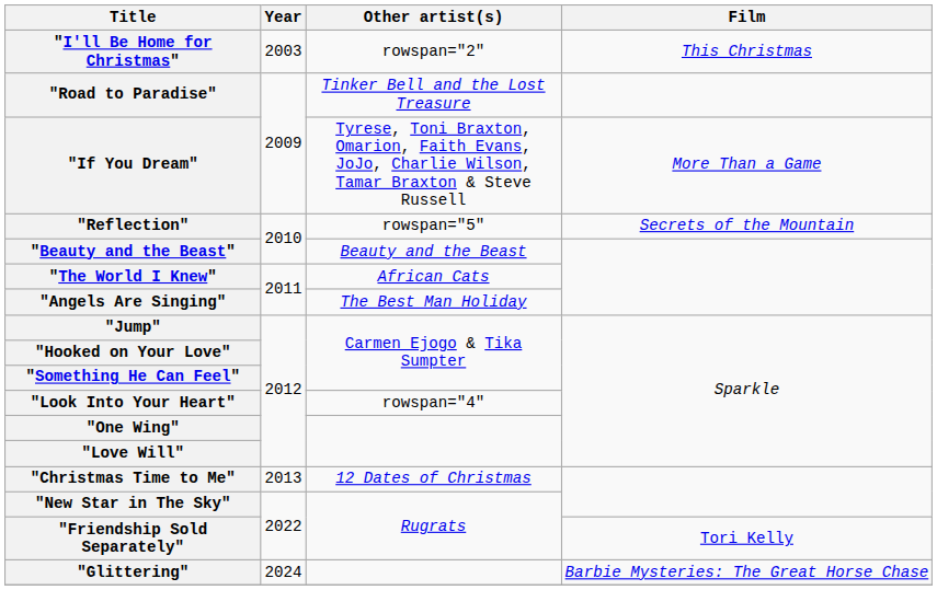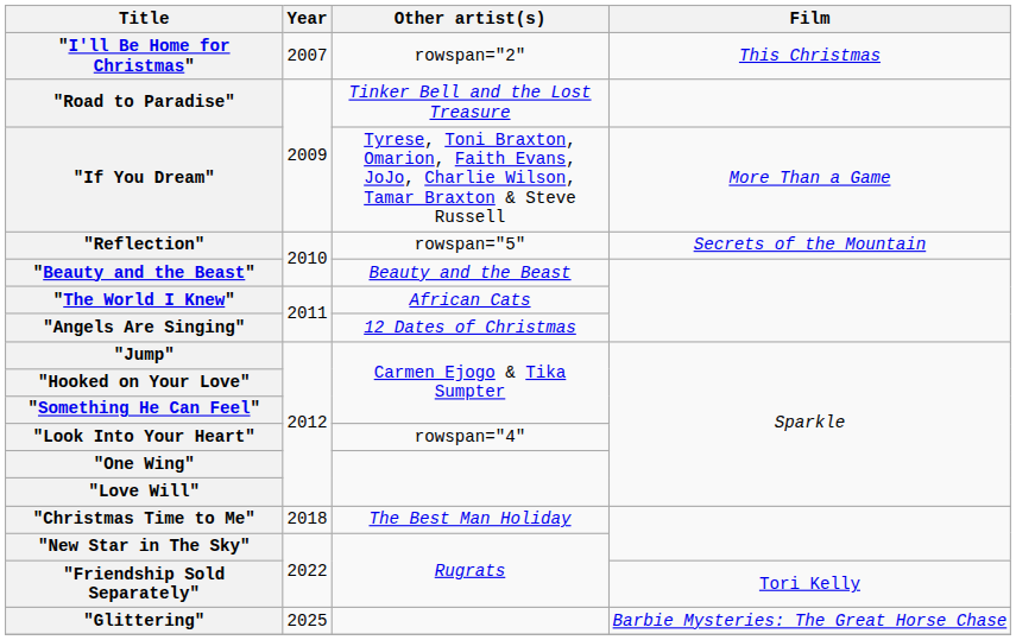 <table class="wikitable plainrowheaders" style="text-align:center;">
 <tr>
 <th scope="col" style="width:16em;">Title</th>
 <th scope="col">Year</th>
 <th scope="col" style="width:16em;">Other artist(s)</th>
 <th scope="col">Film</th>
 </tr>
 <tr>
 <th scope="row">"<a href='#'>I'll Be Home for Christmas</a>"</th>
-<td>2003</td>
+<td>2007</td>
 <td>rowspan="2" </td>
 <td><em><a href='#'>This Christmas</a></em></td>
 </tr>
 <tr>
 <th scope="row">"Road to Paradise"</th>
 <td rowspan="2">2009</td>
 <td><em><a href='#'>Tinker Bell and the Lost Treasure</a></em></td>
 </tr>
 <tr>
 <th scope="row">"If You Dream"</th>
 <td><a href='#'>Tyrese</a>, <a href='#'>Toni Braxton</a>, <a href='#'>Omarion</a>, <a href='#'>Faith Evans</a>, <a href='#'>JoJo</a>, <a href='#'>Charlie Wilson</a>, <a href='#'>Tamar Braxton</a> & Steve Russell</td>
 <td><em><a href='#'>More Than a Game</a></em></td>
 </tr>
 <tr>
 <th scope="row">"Reflection"</th>
 <td rowspan="2">2010</td>
 <td>rowspan="5" </td>
 <td><em><a href='#'>Secrets of the Mountain</a></em></td>
 </tr>
 <tr>
 <th scope="row">"<a href='#'>Beauty and the Beast</a>"</th>
 <td><em><a href='#'>Beauty and the Beast</a></em></td>
 </tr>
 <tr>
 <th scope="row">"<a href='#'>The World I Knew</a>"</th>
 <td rowspan="2">2011</td>
 <td><em><a href='#'>African Cats</a></em></td>
 </tr>
 <tr>
 <th scope="row">"Angels Are Singing"</th>
-<td><em><a href='#'>The Best Man Holiday</a></em></td>
+<td><em><a href='#'>12 Dates of Christmas</a></em></td>
 </tr>
 <tr>
 <th scope="row">"Jump"</th>
 <td rowspan="6">2012</td>
 <td rowspan="3"><a href='#'>Carmen Ejogo</a> & <a href='#'>Tika Sumpter</a></td>
 <td rowspan="6"><em>Sparkle</em></td>
 </tr>
 <tr>
 <th scope="row">"Hooked on Your Love"</th>
 </tr>
 <tr>
 <th scope="row">"<a href='#'>Something He Can Feel</a>"</th>
 </tr>
 <tr>
 <th scope="row">"Look Into Your Heart"</th>
 <td>rowspan="4" </td>
 </tr>
 <tr>
 <th scope="row">"One Wing"</th>
 </tr>
 <tr>
 <th scope="row">"Love Will"</th>
 </tr>
 <tr>
 <th scope="row">"Christmas Time to Me"</th>
-<td>2013</td>
-<td><em><a href='#'>12 Dates of Christmas</a></em></td>
+<td>2018</td>
+<td><em><a href='#'>The Best Man Holiday</a></em></td>
 </tr>
 <tr>
 <th scope="row">"New Star in The Sky"</th>
 <td rowspan="2">2022</td>
 <td rowspan="2"><em><a href='#'>Rugrats</a></em> </td>
 </tr>
 <tr>
 <th scope="row">"Friendship Sold Separately"</th>
 <td><a href='#'>Tori Kelly</a></td>
 </tr>
 <tr>
 <th scope="row">"Glittering"</th>
-<td>2024</td>
+<td>2025</td>
 <td></td>
 <td><em><a href='#'>Barbie Mysteries: The Great Horse Chase</a></em></td>
 </tr>
 <tr>
 </tr>
 </table>
